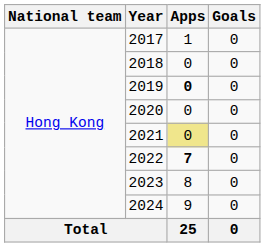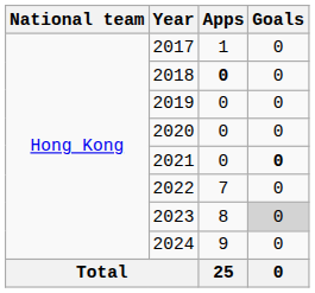 <table class="wikitable" style="text-align:center">
 <tr>
 <th>National team</th>
 <th>Year</th>
 <th>Apps</th>
 <th>Goals</th>
 </tr>
 <tr>
 <td rowspan="8"><a href='#'>Hong Kong</a></td>
 <td>2017</td>
 <td>1</td>
 <td>0</td>
 </tr>
 <tr>
 <td>2018</td>
-<td>0</td>
+<td><strong>0</strong></td>
 <td>0</td>
 </tr>
 <tr>
 <td>2019</td>
-<td><strong>0</strong></td>
+<td>0</td>
 <td>0</td>
 </tr>
 <tr>
 <td>2020</td>
 <td>0</td>
 <td>0</td>
 </tr>
 <tr>
 <td>2021</td>
-<td style="background: khaki;">0</td>
 <td>0</td>
+<td><strong>0</strong></td>
 </tr>
 <tr>
 <td>2022</td>
-<td><strong>7</strong></td>
+<td>7</td>
 <td>0</td>
 </tr>
 <tr>
 <td>2023</td>
 <td>8</td>
-<td>0</td>
+<td style="background: lightgrey;">0</td>
 </tr>
 <tr>
 <td>2024</td>
 <td>9</td>
 <td>0</td>
 </tr>
 <tr>
 <th colspan=2>Total</th>
 <th>25</th>
 <th>0</th>
 </tr>
 </table>
